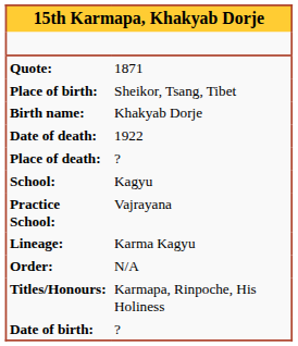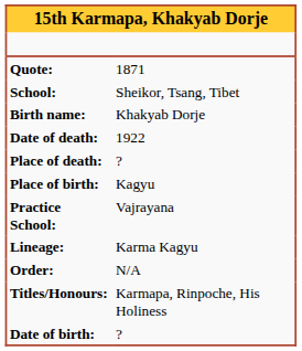 <table class="infobox" style="width: 20em; font-size: 95%; text-align: left; border-collapse: collapse; border-top: 2px solid #af4630; border-right: 2px solid #af4630; border-left: 2px solid #af4630; border-bottom: 2px solid #af4630;" cellpadding="3">
 <tr style="background-color: #FFCC33;">
 <th colspan="2" style="text-align: center; font-size: larger;">15th Karmapa, Khakyab Dorje</th>
 </tr>
 <tr>
 <td colspan="2" style="text-align: center; border-bottom: 2px solid #af4630;"><br></td>
 </tr>
 <tr>
 <th>Quote:</th>
 <td>1871</td>
 </tr>
 <tr>
-<th>Place of birth:</th>
+<th>School:</th>
 <td>Sheikor, Tsang, Tibet</td>
 </tr>
 <tr>
 <th>Birth name:</th>
 <td>Khakyab Dorje</td>
 </tr>
 <tr>
 <th>Date of death:</th>
 <td>1922</td>
 </tr>
 <tr>
 <th>Place of death:</th>
 <td>?</td>
 </tr>
 <tr>
-<th>School:</th>
+<th>Place of birth:</th>
 <td>Kagyu</td>
 </tr>
 <tr>
 <th>Practice School:</th>
 <td>Vajrayana</td>
 </tr>
 <tr>
 <th>Lineage:</th>
 <td>Karma Kagyu</td>
 </tr>
 <tr>
 <th>Order:</th>
 <td>N/A</td>
 </tr>
 <tr>
 <th>Titles/Honours:</th>
 <td>Karmapa, Rinpoche, His Holiness</td>
 </tr>
 <tr>
 <th>Date of birth:</th>
 <td>?</td>
 </tr>
 <tr>
 </tr>
 </table>
